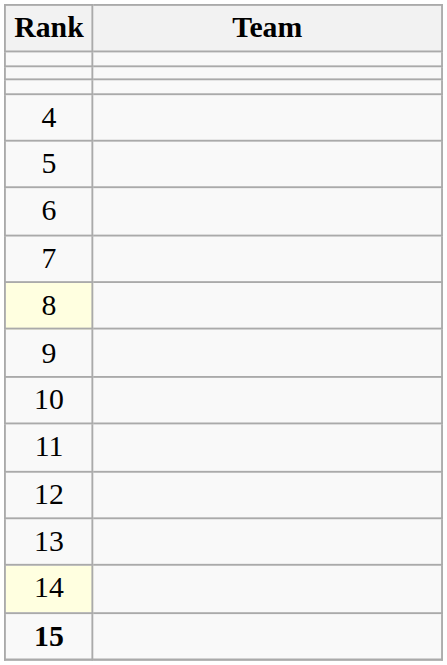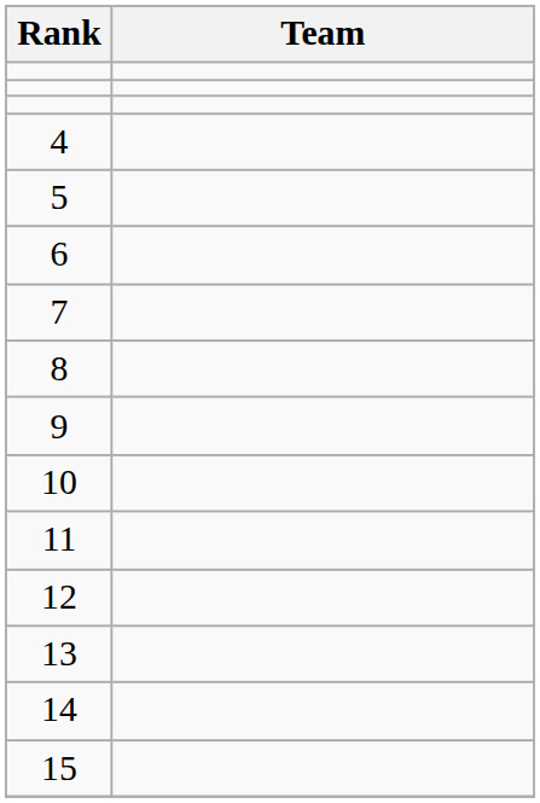 <table class="wikitable" style="text-align: center;">
 <tr>
 <th width=40>Rank</th>
 <th width=180>Team</th>
 </tr>
 <tr align=center>
 <td></td>
 <td style="text-align:left;"></td>
 </tr>
 <tr align=center>
 <td></td>
 <td style="text-align:left;"></td>
 </tr>
 <tr align=center>
 <td></td>
 <td style="text-align:left;"></td>
 </tr>
 <tr align=center>
 <td>4</td>
 <td style="text-align:left;"></td>
 </tr>
 <tr align=center>
 <td>5</td>
 <td style="text-align:left;"></td>
 </tr>
 <tr align=center>
 <td>6</td>
 <td style="text-align:left;"></td>
 </tr>
 <tr align=center>
 <td>7</td>
 <td style="text-align:left;"></td>
 </tr>
 <tr align=center>
-<td style="background: lightyellow;">8</td>
+<td>8</td>
 <td style="text-align:left;"></td>
 </tr>
 <tr align=center>
 <td>9</td>
 <td style="text-align:left;"></td>
 </tr>
 <tr align=center>
 <td>10</td>
 <td style="text-align:left;"></td>
 </tr>
 <tr align=center>
 <td>11</td>
 <td style="text-align:left;"></td>
 </tr>
 <tr align=center>
 <td>12</td>
 <td style="text-align:left;"></td>
 </tr>
 <tr align=center>
 <td>13</td>
 <td style="text-align:left;"></td>
 </tr>
 <tr align=center>
-<td style="background: lightyellow;">14</td>
+<td>14</td>
 <td style="text-align:left;"></td>
 </tr>
 <tr align=center>
-<td><strong>15</strong></td>
+<td>15</td>
 <td style="text-align:left;"></td>
 </tr>
 <tr>
 </tr>
 </table>
